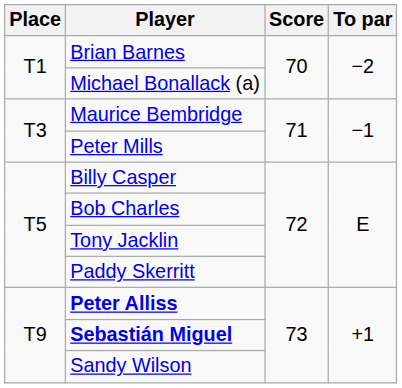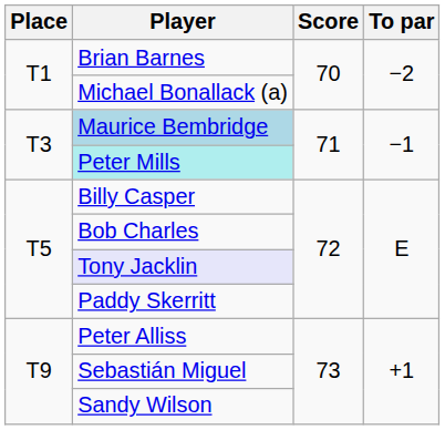 <table class="wikitable">
 <tr>
 <th>Place</th>
 <th>Player</th>
 <th>Score</th>
 <th>To par</th>
 </tr>
 <tr>
 <td rowspan="2" align=center>T1</td>
 <td> <a href='#'>Brian Barnes</a></td>
 <td rowspan="2" align=center>70</td>
 <td rowspan="2" align=center>−2</td>
 </tr>
 <tr>
 <td> <a href='#'>Michael Bonallack</a> (a)</td>
 </tr>
 <tr>
 <td rowspan="2" align=center>T3</td>
-<td> <a href='#'>Maurice Bembridge</a></td>
+<td style="background: lightblue;"> <a href='#'>Maurice Bembridge</a></td>
 <td rowspan="2" align=center>71</td>
 <td rowspan="2" align=center>−1</td>
 </tr>
 <tr>
-<td> <a href='#'>Peter Mills</a></td>
+<td style="background: paleturquoise;"> <a href='#'>Peter Mills</a></td>
 </tr>
 <tr>
 <td rowspan="4" align=center>T5</td>
 <td> <a href='#'>Billy Casper</a></td>
 <td rowspan="4" align=center>72</td>
 <td rowspan="4" align=center>E</td>
 </tr>
 <tr>
 <td> <a href='#'>Bob Charles</a></td>
 </tr>
 <tr>
-<td> <a href='#'>Tony Jacklin</a></td>
+<td style="background: lavender;"> <a href='#'>Tony Jacklin</a></td>
 </tr>
 <tr>
 <td> <a href='#'>Paddy Skerritt</a></td>
 </tr>
 <tr>
 <td rowspan="3" align=center>T9</td>
-<td><strong> <a href='#'>Peter Alliss</a></strong></td>
+<td> <a href='#'>Peter Alliss</a></td>
 <td rowspan="3" align=center>73</td>
 <td rowspan="3" align=center>+1</td>
 </tr>
 <tr>
-<td><strong> <a href='#'>Sebastián Miguel</a></strong></td>
+<td> <a href='#'>Sebastián Miguel</a></td>
 </tr>
 <tr>
 <td> <a href='#'>Sandy Wilson</a></td>
 </tr>
 </table>
